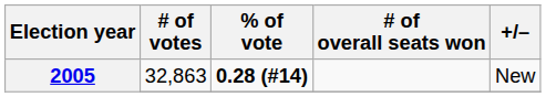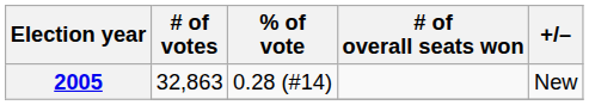 <table class=wikitable>
 <tr>
 <th>Election year</th>
 <th># of<br>votes</th>
 <th>% of<br>vote</th>
 <th># of<br>overall seats won</th>
 <th>+/–</th>
 </tr>
 <tr>
 <th rowspan="2"><a href='#'>2005</a></th>
 <td>32,863</td>
-<td><strong>0.28 (#14)</strong></td>
+<td>0.28 (#14)</td>
 <td></td>
 <td>New</td>
 </tr>
 <tr>
 </tr>
 </table>
